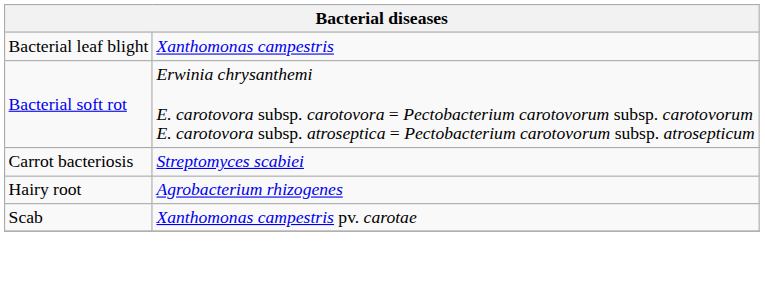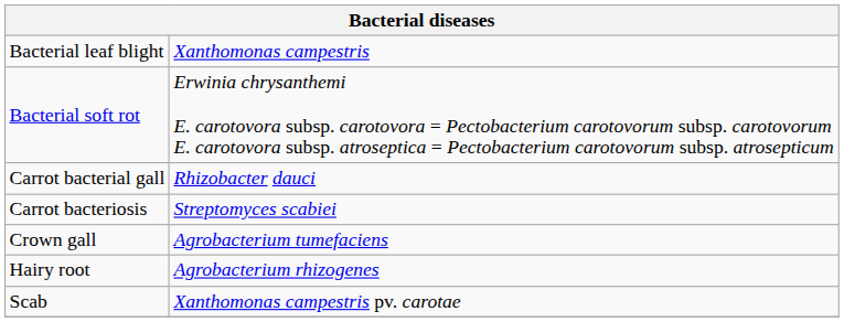 <table class="wikitable" style="clear:left">
 <tr>
 <th colspan=2><strong>Bacterial diseases</strong><br></th>
 </tr>
 <tr>
 <td>Bacterial leaf blight</td>
 <td><em><a href='#'>Xanthomonas campestris</a></em></td>
 </tr>
 <tr>
 <td><a href='#'>Bacterial soft rot</a></td>
 <td><em>Erwinia chrysanthemi</em><br><br><em>E. carotovora</em> subsp. <em>carotovora</em> = <em>Pectobacterium carotovorum</em> subsp. <em>carotovorum</em><br> <em>E. carotovora</em> subsp. <em>atroseptica</em> = <em>Pectobacterium carotovorum</em> subsp. <em>atrosepticum</em></td>
 </tr>
 <tr>
+<td>Carrot bacterial gall</td>
+<td><em><a href='#'>Rhizobacter</a> <a href='#'>dauci</a></em></td>
+</tr>
+<tr>
 <td>Carrot bacteriosis</td>
 <td><em><a href='#'>Streptomyces scabiei</a></em></td>
+</tr>
+<tr>
+<td>Crown gall</td>
+<td><em><a href='#'>Agrobacterium tumefaciens</a></em></td>
 </tr>
 <tr>
 <td>Hairy root</td>
 <td><em><a href='#'>Agrobacterium rhizogenes</a></em></td>
 </tr>
 <tr>
 <td>Scab</td>
 <td><em><a href='#'>Xanthomonas campestris</a></em> pv. <em>carotae</em></td>
 </tr>
 <tr>
 </tr>
 </table>
